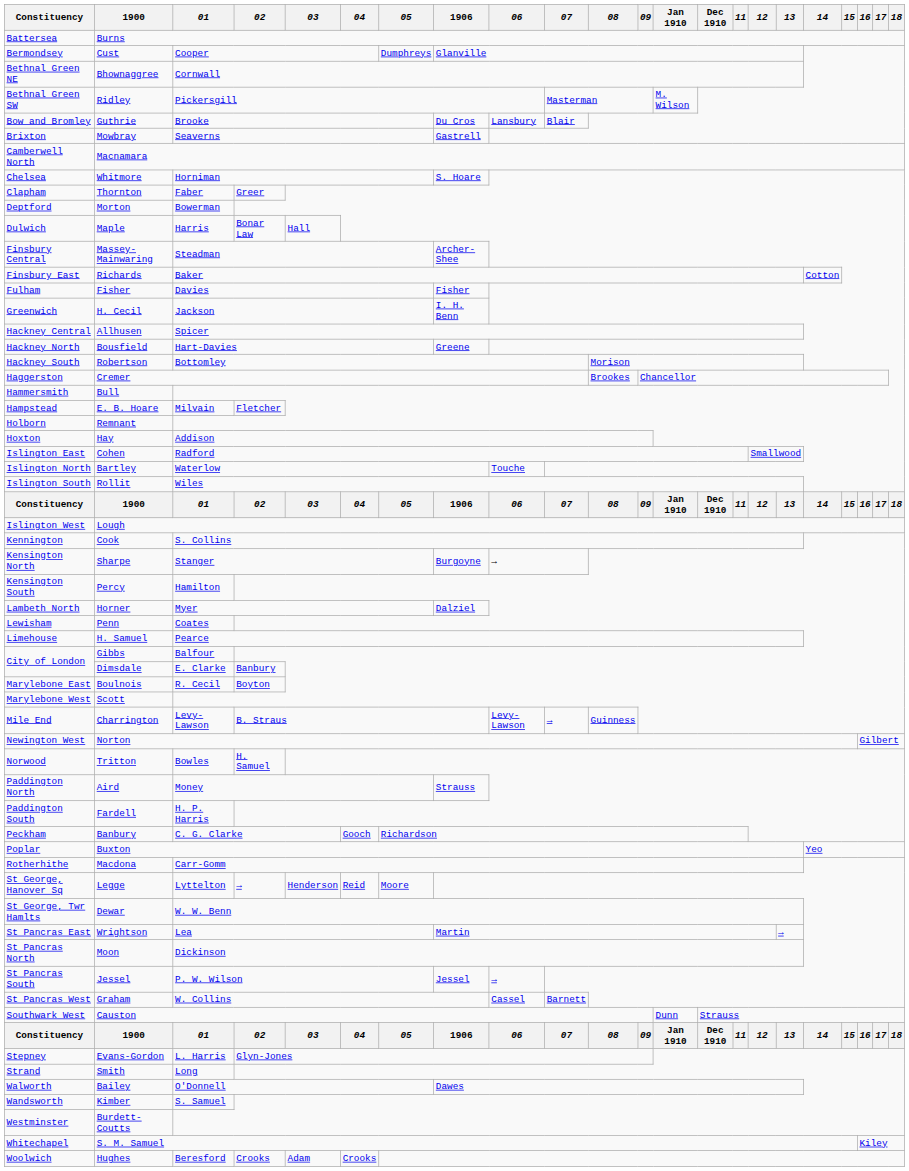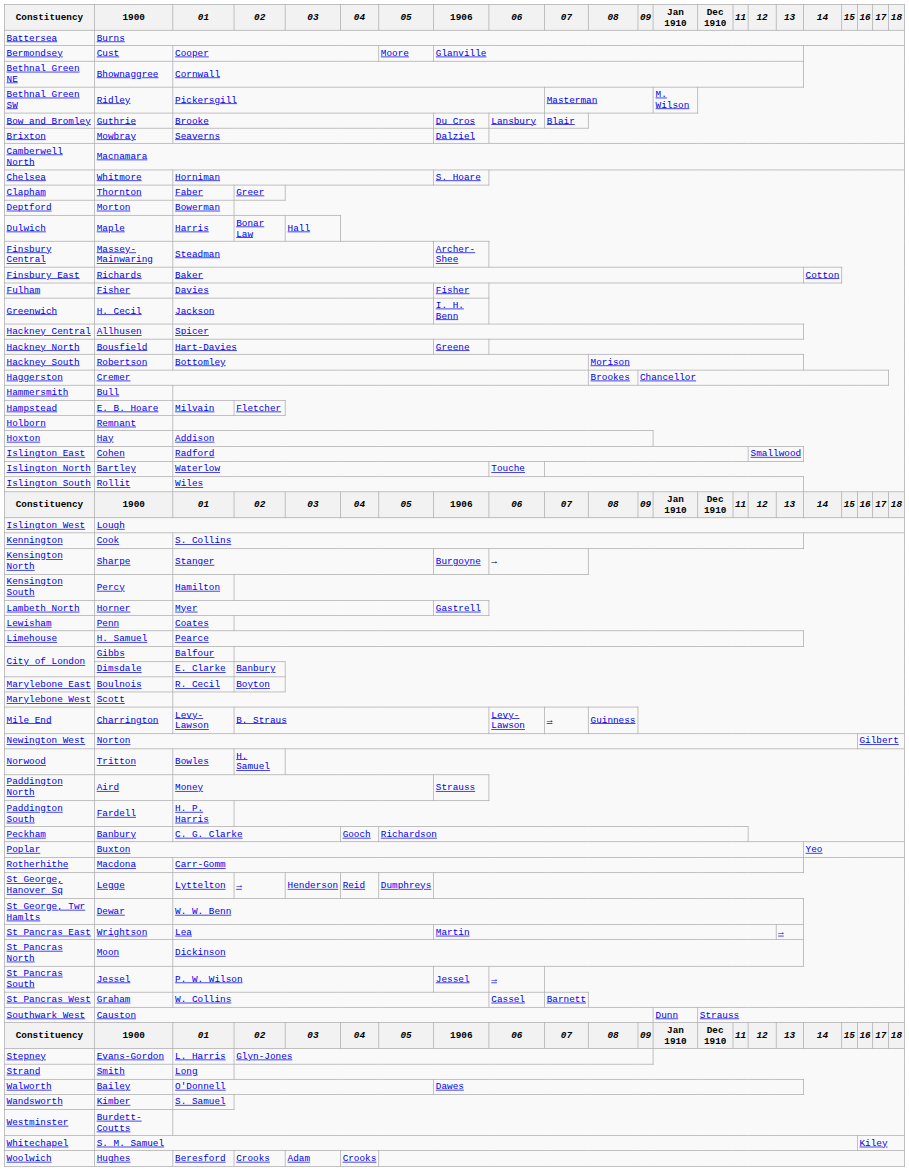 <table class="wikitable">
 <tr>
 <th>Constituency</th>
 <th>1900</th>
 <th><em>01</em></th>
 <th><em>02</em></th>
 <th><em>03</em></th>
 <th><em>04</em></th>
 <th><em>05</em></th>
 <th>1906</th>
 <th><em>06</em></th>
 <th><em>07</em></th>
 <th><em>08</em></th>
 <th><em>09</em></th>
 <th>Jan 1910</th>
 <th>Dec 1910</th>
 <th><em>11</em></th>
 <th><em>12</em></th>
 <th><em>13</em></th>
 <th><em>14</em></th>
 <th><em>15</em></th>
 <th><em>16</em></th>
 <th><em>17</em></th>
 <th><em>18</em></th>
 </tr>
 <tr>
 <td><a href='#'>Battersea</a></td>
 <td colspan="21"><a href='#'>Burns</a></td>
 </tr>
 <tr>
 <td><a href='#'>Bermondsey</a></td>
 <td><a href='#'>Cust</a></td>
 <td colspan="4"><a href='#'>Cooper</a></td>
-<td><a href='#'>Dumphreys</a></td>
+<td><a href='#'>Moore</a></td>
 <td colspan="10"><a href='#'>Glanville</a></td>
 </tr>
 <tr>
 <td><a href='#'>Bethnal Green NE</a></td>
 <td><a href='#'>Bhownaggree</a></td>
 <td colspan="15"><a href='#'>Cornwall</a></td>
 </tr>
 <tr>
 <td><a href='#'>Bethnal Green SW</a></td>
 <td><a href='#'>Ridley</a></td>
 <td colspan="7"><a href='#'>Pickersgill</a></td>
 <td colspan="3"><a href='#'>Masterman</a></td>
 <td><a href='#'>M. Wilson</a></td>
 </tr>
 <tr>
 <td><a href='#'>Bow and Bromley</a></td>
 <td><a href='#'>Guthrie</a></td>
 <td colspan="5"><a href='#'>Brooke</a></td>
 <td><a href='#'>Du Cros</a></td>
 <td><a href='#'>Lansbury</a></td>
 <td><a href='#'>Blair</a></td>
 </tr>
 <tr>
 <td><a href='#'>Brixton</a></td>
 <td><a href='#'>Mowbray</a></td>
 <td colspan="5"><a href='#'>Seaverns</a></td>
-<td><a href='#'>Gastrell</a></td>
+<td><a href='#'>Dalziel</a></td>
 </tr>
 <tr>
 <td><a href='#'>Camberwell North</a></td>
 <td colspan="21"><a href='#'>Macnamara</a></td>
 </tr>
 <tr>
 <td><a href='#'>Chelsea</a></td>
 <td><a href='#'>Whitmore</a></td>
 <td colspan="5"><a href='#'>Horniman</a></td>
 <td><a href='#'>S. Hoare</a></td>
 </tr>
 <tr>
 <td><a href='#'>Clapham</a></td>
 <td><a href='#'>Thornton</a></td>
 <td><a href='#'>Faber</a></td>
 <td><a href='#'>Greer</a></td>
 </tr>
 <tr>
 <td><a href='#'>Deptford</a></td>
 <td><a href='#'>Morton</a></td>
 <td><a href='#'>Bowerman</a></td>
 </tr>
 <tr>
 <td><a href='#'>Dulwich</a></td>
 <td><a href='#'>Maple</a></td>
 <td><a href='#'>Harris</a></td>
 <td><a href='#'>Bonar Law</a></td>
 <td><a href='#'>Hall</a></td>
 </tr>
 <tr>
 <td><a href='#'>Finsbury Central</a></td>
 <td><a href='#'>Massey-Mainwaring</a></td>
 <td colspan="5"><a href='#'>Steadman</a></td>
 <td><a href='#'>Archer-Shee</a></td>
 </tr>
 <tr>
 <td><a href='#'>Finsbury East</a></td>
 <td><a href='#'>Richards</a></td>
 <td colspan="15"><a href='#'>Baker</a></td>
 <td><a href='#'>Cotton</a></td>
 </tr>
 <tr>
 <td><a href='#'>Fulham</a></td>
 <td><a href='#'>Fisher</a></td>
 <td colspan="5"><a href='#'>Davies</a></td>
 <td><a href='#'>Fisher</a></td>
 </tr>
 <tr>
 <td><a href='#'>Greenwich</a></td>
 <td><a href='#'>H. Cecil</a></td>
 <td colspan="5"><a href='#'>Jackson</a></td>
 <td><a href='#'>I. H. Benn</a></td>
 </tr>
 <tr>
 <td><a href='#'>Hackney Central</a></td>
 <td><a href='#'>Allhusen</a></td>
 <td colspan="15"><a href='#'>Spicer</a></td>
 </tr>
 <tr>
 <td><a href='#'>Hackney North</a></td>
 <td><a href='#'>Bousfield</a></td>
 <td colspan="5"><a href='#'>Hart-Davies</a></td>
 <td><a href='#'>Greene</a></td>
 </tr>
 <tr>
 <td><a href='#'>Hackney South</a></td>
 <td><a href='#'>Robertson</a></td>
 <td colspan="8"><a href='#'>Bottomley</a></td>
 <td colspan="7"><a href='#'>Morison</a></td>
 </tr>
 <tr>
 <td><a href='#'>Haggerston</a></td>
 <td colspan="9"><a href='#'>Cremer</a></td>
 <td><a href='#'>Brookes</a></td>
 <td colspan="10"><a href='#'>Chancellor</a></td>
 </tr>
 <tr>
 <td><a href='#'>Hammersmith</a></td>
 <td><a href='#'>Bull</a></td>
 </tr>
 <tr>
 <td><a href='#'>Hampstead</a></td>
 <td><a href='#'>E. B. Hoare</a></td>
 <td><a href='#'>Milvain</a></td>
 <td><a href='#'>Fletcher</a></td>
 </tr>
 <tr>
 <td><a href='#'>Holborn</a></td>
 <td><a href='#'>Remnant</a></td>
 </tr>
 <tr>
 <td><a href='#'>Hoxton</a></td>
 <td><a href='#'>Hay</a></td>
 <td colspan="10"><a href='#'>Addison</a></td>
 </tr>
 <tr>
 <td><a href='#'>Islington East</a></td>
 <td><a href='#'>Cohen</a></td>
 <td colspan="13"><a href='#'>Radford</a></td>
 <td colspan="2"><a href='#'>Smallwood</a></td>
 </tr>
 <tr>
 <td><a href='#'>Islington North</a></td>
 <td><a href='#'>Bartley</a></td>
 <td colspan="6"><a href='#'>Waterlow</a></td>
 <td><a href='#'>Touche</a></td>
 </tr>
 <tr>
 <td><a href='#'>Islington South</a></td>
 <td><a href='#'>Rollit</a></td>
 <td colspan="15"><a href='#'>Wiles</a></td>
 </tr>
 <tr>
 <th>Constituency</th>
 <th>1900</th>
 <th><em>01</em></th>
 <th><em>02</em></th>
 <th><em>03</em></th>
 <th><em>04</em></th>
 <th><em>05</em></th>
 <th>1906</th>
 <th><em>06</em></th>
 <th><em>07</em></th>
 <th><em>08</em></th>
 <th><em>09</em></th>
 <th>Jan 1910</th>
 <th>Dec 1910</th>
 <th><em>11</em></th>
 <th><em>12</em></th>
 <th><em>13</em></th>
 <th><em>14</em></th>
 <th><em>15</em></th>
 <th><em>16</em></th>
 <th><em>17</em></th>
 <th><em>18</em></th>
 </tr>
 <tr>
 <td><a href='#'>Islington West</a></td>
 <td colspan="21"><a href='#'>Lough</a></td>
 </tr>
 <tr>
 <td><a href='#'>Kennington</a></td>
 <td><a href='#'>Cook</a></td>
 <td colspan="15"><a href='#'>S. Collins</a></td>
 </tr>
 <tr>
 <td><a href='#'>Kensington North</a></td>
 <td><a href='#'>Sharpe</a></td>
 <td colspan="5"><a href='#'>Stanger</a></td>
 <td><a href='#'>Burgoyne</a></td>
 <td colspan="2">→</td>
 </tr>
 <tr>
 <td><a href='#'>Kensington South</a></td>
 <td><a href='#'>Percy</a></td>
 <td><a href='#'>Hamilton</a></td>
 </tr>
 <tr>
 <td><a href='#'>Lambeth North</a></td>
 <td><a href='#'>Horner</a></td>
 <td colspan="5"><a href='#'>Myer</a></td>
-<td><a href='#'>Dalziel</a></td>
+<td><a href='#'>Gastrell</a></td>
 </tr>
 <tr>
 <td><a href='#'>Lewisham</a></td>
 <td><a href='#'>Penn</a></td>
 <td><a href='#'>Coates</a></td>
 </tr>
 <tr>
 <td><a href='#'>Limehouse</a></td>
 <td><a href='#'>H. Samuel</a></td>
 <td colspan="15"><a href='#'>Pearce</a></td>
 </tr>
 <tr>
 <td rowspan="2"><a href='#'>City of London</a></td>
 <td><a href='#'>Gibbs</a></td>
 <td><a href='#'>Balfour</a></td>
 </tr>
 <tr>
 <td><a href='#'>Dimsdale</a></td>
 <td><a href='#'>E. Clarke</a></td>
 <td><a href='#'>Banbury</a></td>
 </tr>
 <tr>
 <td><a href='#'>Marylebone East</a></td>
 <td><a href='#'>Boulnois</a></td>
 <td><a href='#'>R. Cecil</a></td>
 <td><a href='#'>Boyton</a></td>
 </tr>
 <tr>
 <td><a href='#'>Marylebone West</a></td>
 <td><a href='#'>Scott</a></td>
 </tr>
 <tr>
 <td><a href='#'>Mile End</a></td>
 <td><a href='#'>Charrington</a></td>
 <td><a href='#'>Levy-Lawson</a></td>
 <td colspan="5"><a href='#'>B. Straus</a></td>
 <td><a href='#'>Levy-Lawson</a></td>
 <td><a href='#'>→</a></td>
 <td><a href='#'>Guinness</a></td>
 </tr>
 <tr>
 <td><a href='#'>Newington West</a></td>
 <td colspan="18"><a href='#'>Norton</a></td>
 <td colspan="3"><a href='#'>Gilbert</a></td>
 </tr>
 <tr>
 <td><a href='#'>Norwood</a></td>
 <td><a href='#'>Tritton</a></td>
 <td><a href='#'>Bowles</a></td>
 <td><a href='#'>H. Samuel</a></td>
 </tr>
 <tr>
 <td><a href='#'>Paddington North</a></td>
 <td><a href='#'>Aird</a></td>
 <td colspan="5"><a href='#'>Money</a></td>
 <td><a href='#'>Strauss</a></td>
 </tr>
 <tr>
 <td><a href='#'>Paddington South</a></td>
 <td><a href='#'>Fardell</a></td>
 <td><a href='#'>H. P. Harris</a></td>
 </tr>
 <tr>
 <td><a href='#'>Peckham</a></td>
 <td><a href='#'>Banbury</a></td>
 <td colspan="3"><a href='#'>C. G. Clarke</a></td>
 <td><a href='#'>Gooch</a></td>
 <td colspan="9"><a href='#'>Richardson</a></td>
 </tr>
 <tr>
 <td><a href='#'>Poplar</a></td>
 <td colspan="16"><a href='#'>Buxton</a></td>
 <td colspan="5"><a href='#'>Yeo</a></td>
 </tr>
 <tr>
 <td><a href='#'>Rotherhithe</a></td>
 <td><a href='#'>Macdona</a></td>
 <td colspan="15"><a href='#'>Carr-Gomm</a></td>
 </tr>
 <tr>
 <td><a href='#'>St George, Hanover Sq</a></td>
 <td><a href='#'>Legge</a></td>
 <td><a href='#'>Lyttelton</a></td>
 <td><a href='#'>→</a></td>
 <td><a href='#'>Henderson</a></td>
 <td><a href='#'>Reid</a></td>
-<td><a href='#'>Moore</a></td>
+<td><a href='#'>Dumphreys</a></td>
 </tr>
 <tr>
 <td><a href='#'>St George, Twr Hamlts</a></td>
 <td><a href='#'>Dewar</a></td>
 <td colspan="15"><a href='#'>W. W. Benn</a></td>
 </tr>
 <tr>
 <td><a href='#'>St Pancras East</a></td>
 <td><a href='#'>Wrightson</a></td>
 <td colspan="5"><a href='#'>Lea</a></td>
 <td colspan="9"><a href='#'>Martin</a></td>
 <td><a href='#'>→</a></td>
 </tr>
 <tr>
 <td><a href='#'>St Pancras North</a></td>
 <td><a href='#'>Moon</a></td>
 <td colspan="15"><a href='#'>Dickinson</a></td>
 </tr>
 <tr>
 <td><a href='#'>St Pancras South</a></td>
 <td><a href='#'>Jessel</a></td>
 <td colspan="5"><a href='#'>P. W. Wilson</a></td>
 <td><a href='#'>Jessel</a></td>
 <td><a href='#'>→</a></td>
 </tr>
 <tr>
 <td><a href='#'>St Pancras West</a></td>
 <td><a href='#'>Graham</a></td>
 <td colspan="6"><a href='#'>W. Collins</a></td>
 <td><a href='#'>Cassel</a></td>
 <td><a href='#'>Barnett</a></td>
 </tr>
 <tr>
 <td><a href='#'>Southwark West</a></td>
 <td colspan="11"><a href='#'>Causton</a></td>
 <td><a href='#'>Dunn</a></td>
 <td colspan="9"><a href='#'>Strauss</a></td>
 </tr>
 <tr>
 <th>Constituency</th>
 <th>1900</th>
 <th><em>01</em></th>
 <th><em>02</em></th>
 <th><em>03</em></th>
 <th><em>04</em></th>
 <th><em>05</em></th>
 <th>1906</th>
 <th><em>06</em></th>
 <th><em>07</em></th>
 <th><em>08</em></th>
 <th><em>09</em></th>
 <th>Jan 1910</th>
 <th>Dec 1910</th>
 <th><em>11</em></th>
 <th><em>12</em></th>
 <th><em>13</em></th>
 <th><em>14</em></th>
 <th><em>15</em></th>
 <th><em>16</em></th>
 <th><em>17</em></th>
 <th><em>18</em></th>
 </tr>
 <tr>
 <td><a href='#'>Stepney</a></td>
 <td><a href='#'>Evans-Gordon</a></td>
 <td><a href='#'>L. Harris</a></td>
 <td colspan="9"><a href='#'>Glyn-Jones</a></td>
 </tr>
 <tr>
 <td><a href='#'>Strand</a></td>
 <td><a href='#'>Smith</a></td>
 <td><a href='#'>Long</a></td>
 </tr>
 <tr>
 <td><a href='#'>Walworth</a></td>
 <td><a href='#'>Bailey</a></td>
 <td colspan="5"><a href='#'>O'Donnell</a></td>
 <td colspan="10"><a href='#'>Dawes</a></td>
 </tr>
 <tr>
 <td><a href='#'>Wandsworth</a></td>
 <td><a href='#'>Kimber</a></td>
 <td><a href='#'>S. Samuel</a></td>
 </tr>
 <tr>
 <td><a href='#'>Westminster</a></td>
 <td><a href='#'>Burdett-Coutts</a></td>
 </tr>
 <tr>
 <td><a href='#'>Whitechapel</a></td>
 <td colspan="18"><a href='#'>S. M. Samuel</a></td>
 <td colspan="3"><a href='#'>Kiley</a></td>
 </tr>
 <tr>
 <td><a href='#'>Woolwich</a></td>
 <td><a href='#'>Hughes</a></td>
 <td><a href='#'>Beresford</a></td>
 <td><a href='#'>Crooks</a></td>
 <td><a href='#'>Adam</a></td>
 <td><a href='#'>Crooks</a></td>
 </tr>
 </table>
